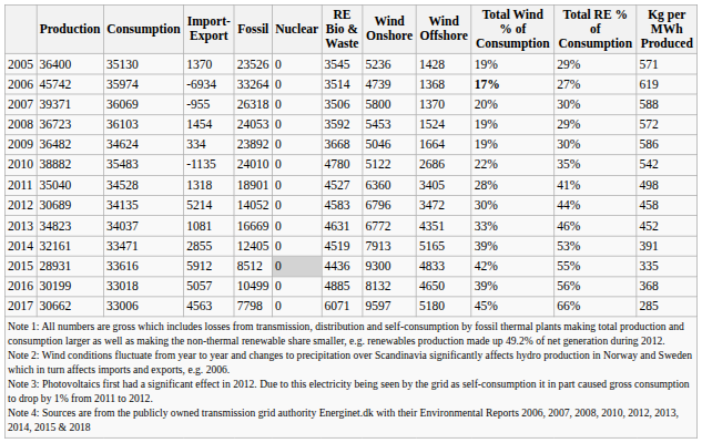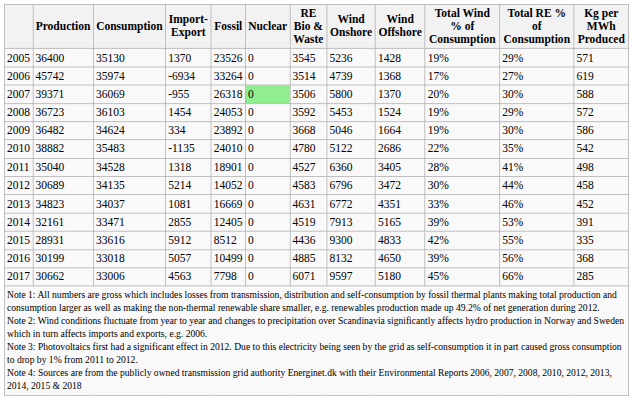 <table class="wikitable">
 <tr>
 <th></th>
 <th>Production</th>
 <th>Consumption</th>
 <th>Import-Export</th>
 <th>Fossil</th>
 <th>Nuclear</th>
 <th>RE Bio & Waste</th>
 <th>Wind Onshore</th>
 <th>Wind Offshore</th>
 <th>Total Wind % of Consumption</th>
 <th>Total RE % of Consumption</th>
 <th>Kg  per MWh Produced</th>
 </tr>
 <tr>
 <td>2005</td>
 <td>36400</td>
 <td>35130</td>
 <td>1370</td>
 <td>23526</td>
 <td>0</td>
 <td>3545</td>
 <td>5236</td>
 <td>1428</td>
 <td>19%</td>
 <td>29%</td>
 <td>571</td>
 </tr>
 <tr>
 <td>2006</td>
 <td>45742</td>
 <td>35974</td>
 <td>-6934</td>
 <td>33264</td>
 <td>0</td>
 <td>3514</td>
 <td>4739</td>
 <td>1368</td>
-<td><strong>17%</strong></td>
+<td>17%</td>
 <td>27%</td>
 <td>619</td>
 </tr>
 <tr>
 <td>2007</td>
 <td>39371</td>
 <td>36069</td>
 <td>-955</td>
 <td>26318</td>
-<td>0</td>
+<td style="background: lightgreen;">0</td>
 <td>3506</td>
 <td>5800</td>
 <td>1370</td>
 <td>20%</td>
 <td>30%</td>
 <td>588</td>
 </tr>
 <tr>
 <td>2008</td>
 <td>36723</td>
 <td>36103</td>
 <td>1454</td>
 <td>24053</td>
 <td>0</td>
 <td>3592</td>
 <td>5453</td>
 <td>1524</td>
 <td>19%</td>
 <td>29%</td>
 <td>572</td>
 </tr>
 <tr>
 <td>2009</td>
 <td>36482</td>
 <td>34624</td>
 <td>334</td>
 <td>23892</td>
 <td>0</td>
 <td>3668</td>
 <td>5046</td>
 <td>1664</td>
 <td>19%</td>
 <td>30%</td>
 <td>586</td>
 </tr>
 <tr>
 <td>2010</td>
 <td>38882</td>
 <td>35483</td>
 <td>-1135</td>
 <td>24010</td>
 <td>0</td>
 <td>4780</td>
 <td>5122</td>
 <td>2686</td>
 <td>22%</td>
 <td>35%</td>
 <td>542</td>
 </tr>
 <tr>
 <td>2011</td>
 <td>35040</td>
 <td>34528</td>
 <td>1318</td>
 <td>18901</td>
 <td>0</td>
 <td>4527</td>
 <td>6360</td>
 <td>3405</td>
 <td>28%</td>
 <td>41%</td>
 <td>498</td>
 </tr>
 <tr>
 <td>2012</td>
 <td>30689</td>
 <td>34135</td>
 <td>5214</td>
 <td>14052</td>
 <td>0</td>
 <td>4583</td>
 <td>6796</td>
 <td>3472</td>
 <td>30%</td>
 <td>44%</td>
 <td>458</td>
 </tr>
 <tr>
 <td>2013</td>
 <td>34823</td>
 <td>34037</td>
 <td>1081</td>
 <td>16669</td>
 <td>0</td>
 <td>4631</td>
 <td>6772</td>
 <td>4351</td>
 <td>33%</td>
 <td>46%</td>
 <td>452</td>
 </tr>
 <tr>
 <td>2014</td>
 <td>32161</td>
 <td>33471</td>
 <td>2855</td>
 <td>12405</td>
 <td>0</td>
 <td>4519</td>
 <td>7913</td>
 <td>5165</td>
 <td>39%</td>
 <td>53%</td>
 <td>391</td>
 </tr>
 <tr>
 <td>2015</td>
 <td>28931</td>
 <td>33616</td>
 <td>5912</td>
 <td>8512</td>
-<td style="background: lightgrey;">0</td>
+<td>0</td>
 <td>4436</td>
 <td>9300</td>
 <td>4833</td>
 <td>42%</td>
 <td>55%</td>
 <td>335</td>
 </tr>
 <tr>
 <td>2016</td>
 <td>30199</td>
 <td>33018</td>
 <td>5057</td>
 <td>10499</td>
 <td>0</td>
 <td>4885</td>
 <td>8132</td>
 <td>4650</td>
 <td>39%</td>
 <td>56%</td>
 <td>368</td>
 </tr>
 <tr>
 <td>2017</td>
 <td>30662</td>
 <td>33006</td>
 <td>4563</td>
 <td>7798</td>
 <td>0</td>
 <td>6071</td>
 <td>9597</td>
 <td>5180</td>
 <td>45%</td>
 <td>66%</td>
 <td>285</td>
 </tr>
 <tr -->
 <td colspan="13" align="left"><small>Note 1: All numbers are gross which includes losses from transmission, distribution and self-consumption by fossil thermal plants making total production and consumption larger as well as making the non-thermal renewable share smaller, e.g. renewables production made up 49.2% of net generation during 2012.<br>Note 2: Wind conditions fluctuate from year to year and changes to precipitation over Scandinavia significantly affects hydro production in Norway and Sweden which in turn affects imports and exports, e.g. 2006.<br>Note 3: Photovoltaics first had a significant effect in 2012. Due to this electricity being seen by the grid as self-consumption it in part caused  gross consumption to drop by 1% from 2011 to 2012.<br>Note 4: Sources are from the publicly owned transmission grid authority Energinet.dk with their Environmental Reports 2006, 2007, 2008, 2010, 2012, 2013, 2014, 2015 & 2018  </small></td>
 </tr>
 </table>
